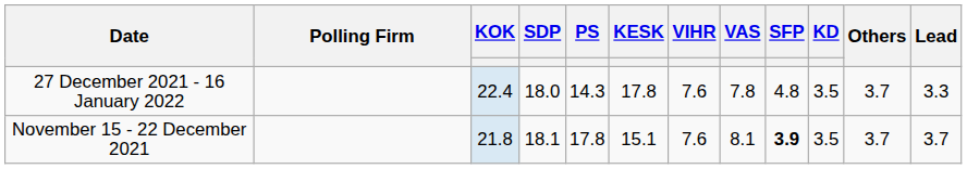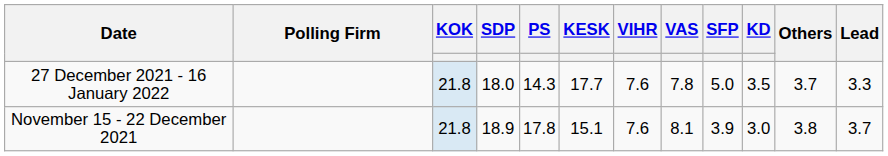 <table class="wikitable sortable" style="text-align:center; font-size:90%; line-height:16px;">
 <tr style="height:42px;">
 <th style="width:190px;" rowspan="2">Date</th>
 <th style="width:165px;" rowspan="2">Polling Firm</th>
 <th><a href='#'><span>KOK</span></a></th>
 <th><a href='#'><span>SDP</span></a></th>
 <th><a href='#'><span>PS</span></a></th>
 <th><a href='#'><span>KESK</span></a></th>
 <th><a href='#'><span>VIHR</span></a></th>
 <th><a href='#'><span>VAS</span></a></th>
 <th><a href='#'><span>SFP</span></a></th>
 <th><a href='#'><span>KD</span></a></th>
 <th style="width:40px;" rowspan="2">Others</th>
 <th style="width:20px;" rowspan="2">Lead</th>
 </tr>
 <tr>
 <th style="background:"></th>
 <th style="background:"></th>
 <th style="background:"></th>
 <th style="background:"></th>
 <th style="background:"></th>
 <th style="background:"></th>
 <th style="background:"></th>
 <th style="background:"></th>
 </tr>
 <tr>
 <td>27 December 2021 - 16 January 2022</td>
 <td></td>
-<td style="background:#D9E9F4">22.4</td>
+<td style="background:#D9E9F4">21.8</td>
 <td>18.0</td>
 <td>14.3</td>
-<td>17.8</td>
+<td>17.7</td>
 <td>7.6</td>
 <td>7.8</td>
-<td>4.8</td>
+<td>5.0</td>
 <td>3.5</td>
 <td>3.7</td>
 <td style="background:">3.3</td>
 </tr>
 <tr>
 <td>November 15 - 22 December 2021</td>
 <td></td>
 <td style="background:#D9E9F4">21.8</td>
-<td>18.1</td>
+<td>18.9</td>
 <td>17.8</td>
 <td>15.1</td>
 <td>7.6</td>
 <td>8.1</td>
-<td><strong>3.9</strong></td>
-<td>3.5</td>
-<td>3.7</td>
+<td>3.9</td>
+<td>3.0</td>
+<td>3.8</td>
 <td style="background:">3.7</td>
 </tr>
 </table>
